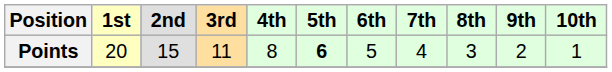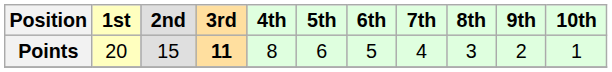 <table class="wikitable" style="font-size:85%; text-align:center">
 <tr>
 <th>Position</th>
 <td style="background:#ffffbf;"> <strong>1st</strong> </td>
 <td style="background:#dfdfdf;"> <strong>2nd</strong> </td>
 <td style="background:#ffdf9f;"> <strong>3rd</strong> </td>
 <td style="background:#dfffdf;"> <strong>4th</strong> </td>
 <td style="background:#dfffdf;"> <strong>5th</strong> </td>
 <td style="background:#dfffdf;"> <strong>6th</strong> </td>
 <td style="background:#dfffdf;"> <strong>7th</strong> </td>
 <td style="background:#dfffdf;"> <strong>8th</strong> </td>
 <td style="background:#dfffdf;"> <strong>9th</strong> </td>
 <td style="background:#dfffdf;"> <strong>10th</strong> </td>
 </tr>
 <tr>
 <th>Points</th>
 <td style="background:#ffffbf;">20</td>
 <td style="background:#dfdfdf;">15</td>
-<td style="background:#ffdf9f;">11</td>
+<td style="background:#ffdf9f;"><strong>11</strong></td>
 <td style="background:#dfffdf;">8</td>
-<td style="background:#dfffdf;"><strong>6</strong></td>
+<td style="background:#dfffdf;">6</td>
 <td style="background:#dfffdf;">5</td>
 <td style="background:#dfffdf;">4</td>
 <td style="background:#dfffdf;">3</td>
 <td style="background:#dfffdf;">2</td>
 <td style="background:#dfffdf;">1</td>
 </tr>
 <tr>
 </tr>
 </table>
